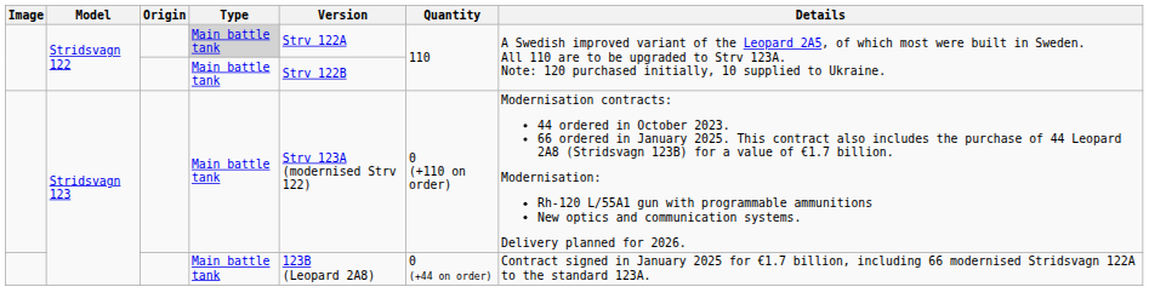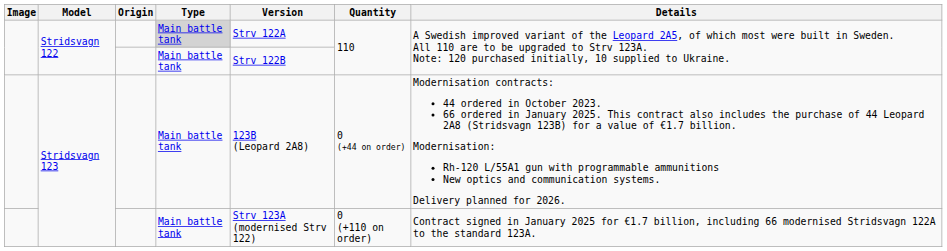 <table class="wikitable">
 <tr>
 <th>Image</th>
 <th>Model</th>
 <th>Origin</th>
 <th>Type</th>
 <th>Version</th>
 <th>Quantity</th>
 <th>Details</th>
 </tr>
 <tr>
 <td rowspan="2"></td>
 <td rowspan="2"><a href='#'>Stridsvagn 122</a></td>
 <td><br></td>
 <td style="background: lightgrey;"><a href='#'>Main battle tank</a></td>
 <td><a href='#'>Strv 122A</a></td>
 <td rowspan="2">110 </td>
 <td rowspan="2">A Swedish improved variant of the <a href='#'>Leopard 2A5</a>, of which most were built in Sweden.<br>All 110 are to be upgraded to Strv 123A.<br>Note: 120 purchased initially, 10 supplied to Ukraine.</td>
 </tr>
 <tr>
 <td><br></td>
 <td><a href='#'>Main battle tank</a></td>
 <td><a href='#'>Strv 122B</a></td>
 </tr>
 <tr>
 <td></td>
 <td rowspan="2"><a href='#'>Stridsvagn 123</a></td>
 <td><br></td>
 <td><a href='#'>Main battle tank</a></td>
-<td><a href='#'>Strv 123A</a><br>(modernised Strv 122)</td>
-<td>0<br>(+110 on order)</td>
+<td><a href='#'>123B</a><br>(Leopard 2A8)</td>
+<td>0<br><small>(+44 on order)</small></td>
 <td>Modernisation contracts:<br><ul><li>44 ordered in October 2023.</li><li>66 ordered in January 2025. This contract also includes the purchase of 44 Leopard 2A8 (Stridsvagn 123B) for a value of €1.7 billion.</li></ul>Modernisation:<ul><li>Rh-120 L/55A1 gun with programmable ammunitions</li><li>New optics and communication systems.</li></ul>Delivery planned for 2026.</td>
 </tr>
 <tr>
 <td></td>
 <td></td>
 <td><a href='#'>Main battle tank</a></td>
-<td><a href='#'>123B</a><br>(Leopard 2A8)</td>
-<td>0<br><small>(+44 on order)</small></td>
+<td><a href='#'>Strv 123A</a><br>(modernised Strv 122)</td>
+<td>0<br>(+110 on order)</td>
 <td>Contract signed in January 2025 for €1.7 billion, including 66 modernised Stridsvagn 122A to the standard 123A.</td>
 </tr>
 </table>
